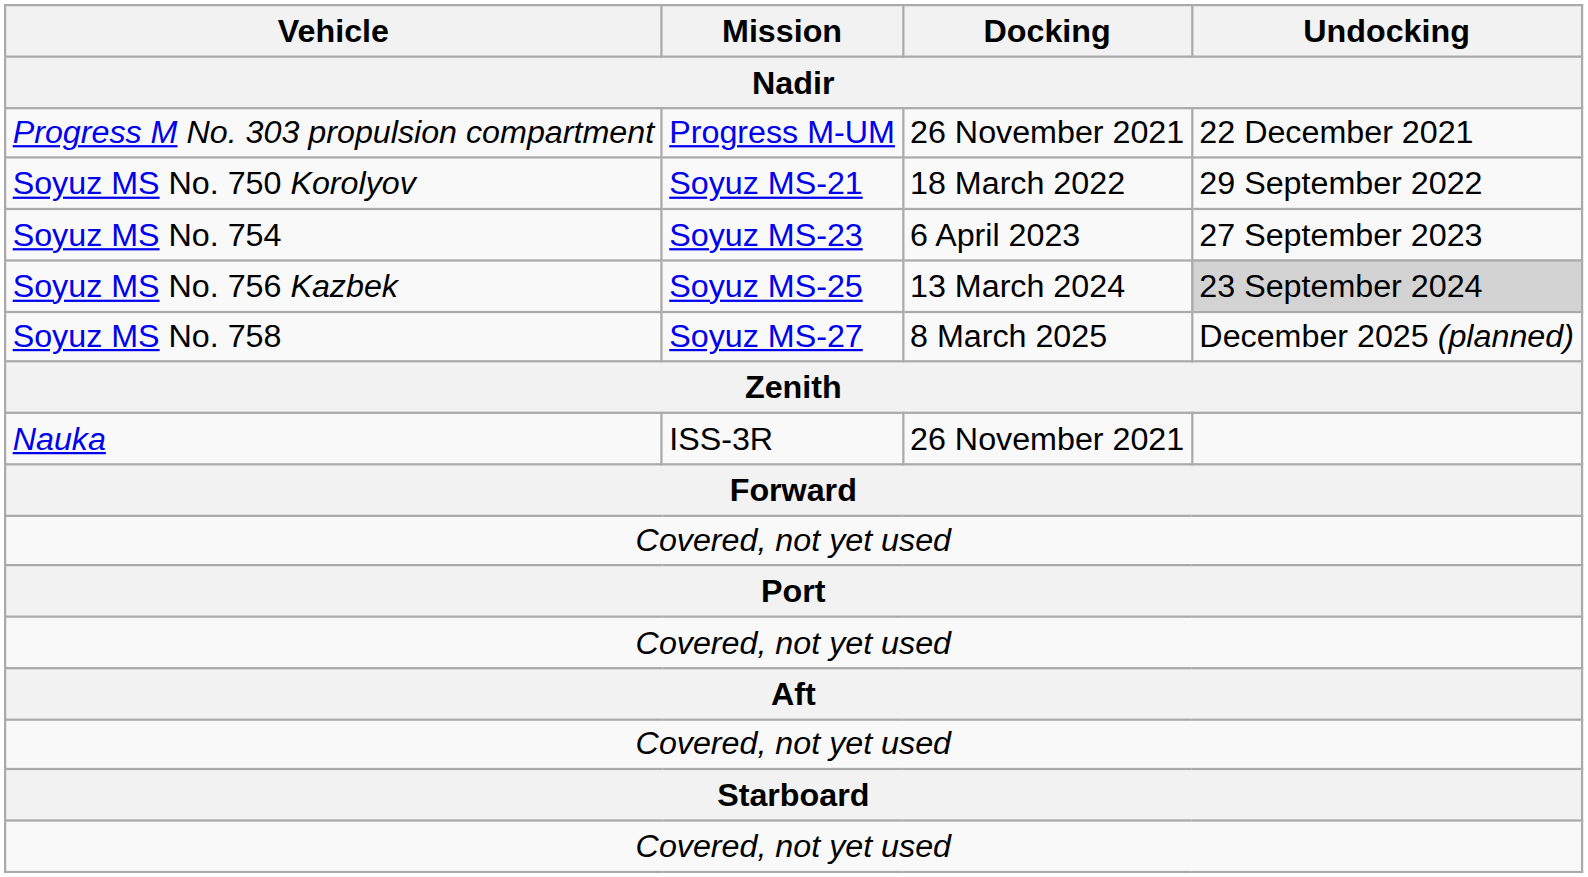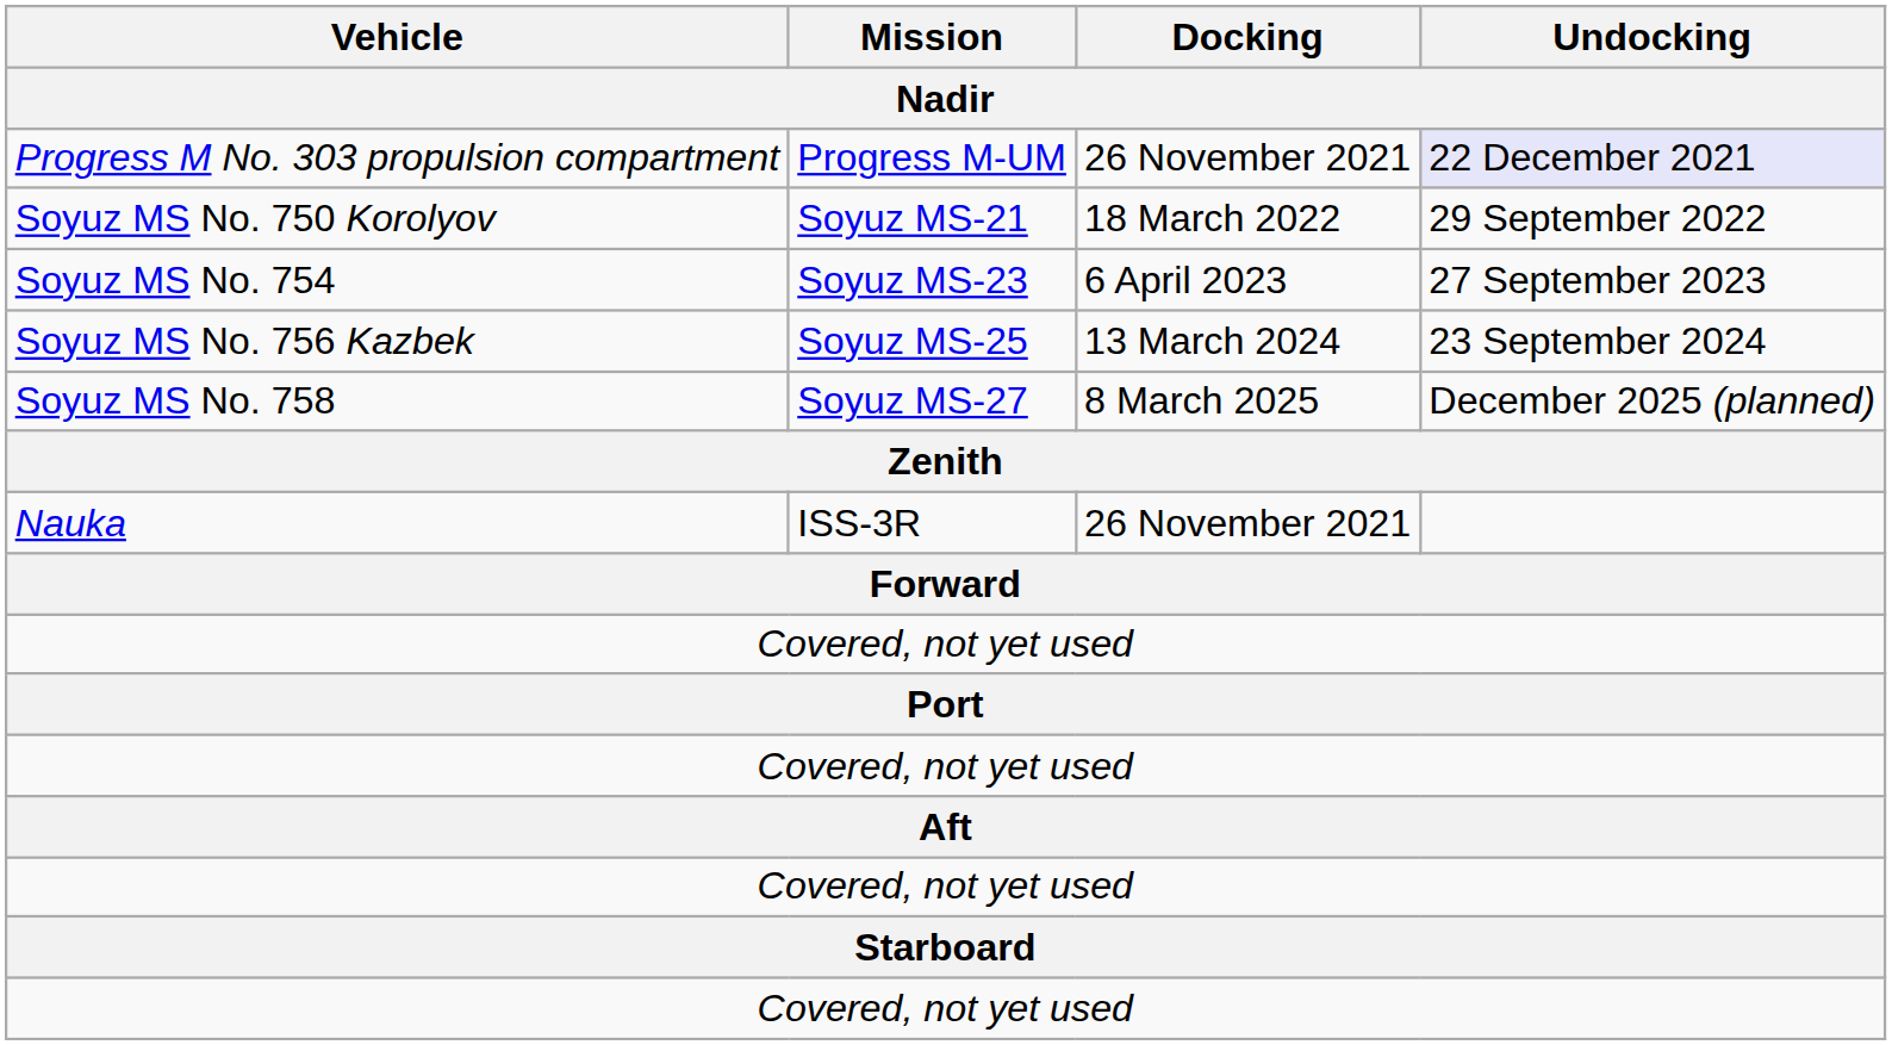 <table class="wikitable" style="font-size:90%;">
 <tr>
 <th>Vehicle</th>
 <th>Mission</th>
 <th>Docking</th>
 <th>Undocking</th>
 </tr>
 <tr>
 <th colspan="4" style="text-align:center;">Nadir</th>
 </tr>
 <tr>
 <td><em><a href='#'>Progress M</a> No. 303 propulsion compartment</em></td>
 <td><a href='#'>Progress M-UM</a></td>
 <td>26 November 2021</td>
-<td>22 December 2021</td>
+<td style="background: lavender;">22 December 2021</td>
 </tr>
 <tr>
 <td><a href='#'>Soyuz MS</a> No. 750 <em>Korolyov</em></td>
 <td><a href='#'>Soyuz MS-21</a></td>
 <td>18 March 2022</td>
 <td>29 September 2022</td>
 </tr>
 <tr>
 <td><a href='#'>Soyuz MS</a> No. 754</td>
 <td><a href='#'>Soyuz MS-23</a></td>
 <td>6 April 2023</td>
 <td>27 September 2023</td>
 </tr>
 <tr>
 <td><a href='#'>Soyuz MS</a> No. 756 <em>Kazbek</em></td>
 <td><a href='#'>Soyuz MS-25</a></td>
 <td>13 March 2024</td>
-<td style="background: lightgrey;">23 September 2024</td>
+<td>23 September 2024</td>
 </tr>
 <tr>
 <td><a href='#'>Soyuz MS</a> No. 758</td>
 <td><a href='#'>Soyuz MS-27</a></td>
 <td>8 March 2025</td>
 <td>December 2025 <em>(planned)</em></td>
 </tr>
 <tr>
 <th colspan="4" style="text-align:center;">Zenith</th>
 </tr>
 <tr>
 <td><em><a href='#'>Nauka</a></em></td>
 <td>ISS-3R</td>
 <td>26 November 2021</td>
 <td></td>
 </tr>
 <tr>
 <th colspan="4" style="text-align:center;">Forward</th>
 </tr>
 <tr>
 <td colspan="4" style="text-align:center;"><em>Covered, not yet used</em></td>
 </tr>
 <tr>
 <th colspan="4" style="text-align:center;">Port</th>
 </tr>
 <tr>
 <td colspan="4" style="text-align:center;"><em>Covered, not yet used</em></td>
 </tr>
 <tr>
 <th colspan="4" style="text-align:center;">Aft</th>
 </tr>
 <tr>
 <td colspan="4" style="text-align:center;"><em>Covered, not yet used</em></td>
 </tr>
 <tr>
 <th colspan="4" style="text-align:center;">Starboard</th>
 </tr>
 <tr>
 <td colspan="4" style="text-align:center;"><em>Covered, not yet used</em></td>
 </tr>
 </table>
